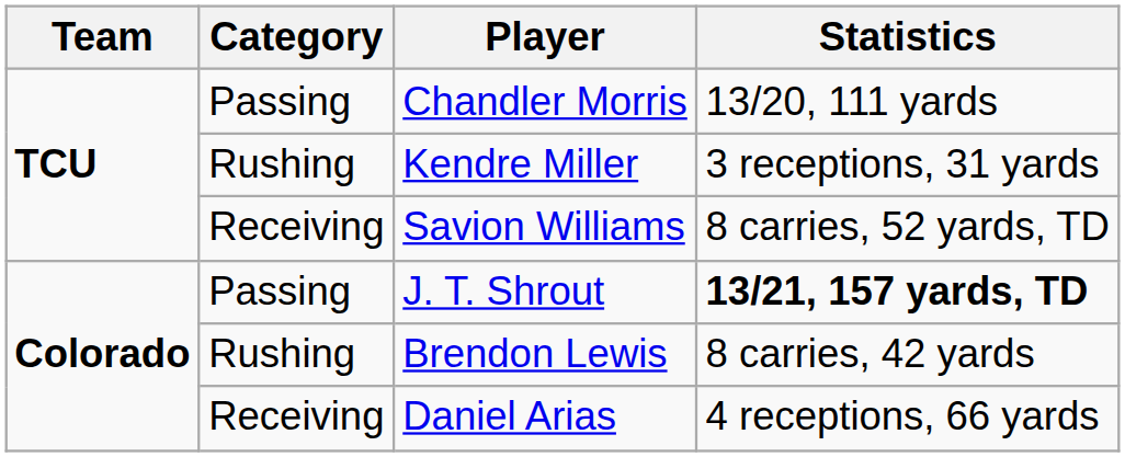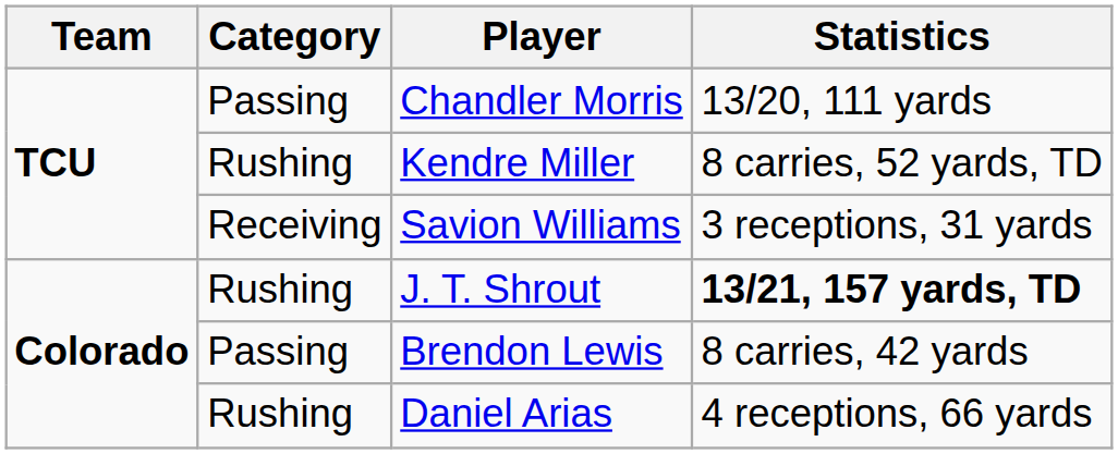 <table class="wikitable" style="float: right;">
 <tr>
 <th>Team</th>
 <th>Category</th>
 <th>Player</th>
 <th>Statistics</th>
 </tr>
 <tr>
 <td rowspan=3><strong>TCU</strong></td>
 <td>Passing</td>
 <td><a href='#'>Chandler Morris</a></td>
 <td>13/20, 111 yards</td>
 </tr>
 <tr>
 <td>Rushing</td>
 <td><a href='#'>Kendre Miller</a></td>
-<td>3 receptions, 31 yards</td>
+<td>8 carries, 52 yards, TD</td>
 </tr>
 <tr>
 <td>Receiving</td>
 <td><a href='#'>Savion Williams</a></td>
-<td>8 carries, 52 yards, TD</td>
+<td>3 receptions, 31 yards</td>
 </tr>
 <tr>
 <td rowspan=3><strong>Colorado</strong></td>
-<td>Passing</td>
+<td>Rushing</td>
 <td><a href='#'>J. T. Shrout</a></td>
 <td><strong>13/21, 157 yards, TD</strong></td>
 </tr>
 <tr>
-<td>Rushing</td>
+<td>Passing</td>
 <td><a href='#'>Brendon Lewis</a></td>
 <td>8 carries, 42 yards</td>
 </tr>
 <tr>
-<td>Receiving</td>
+<td>Rushing</td>
 <td><a href='#'>Daniel Arias</a></td>
 <td>4 receptions, 66 yards</td>
 </tr>
 </table>
